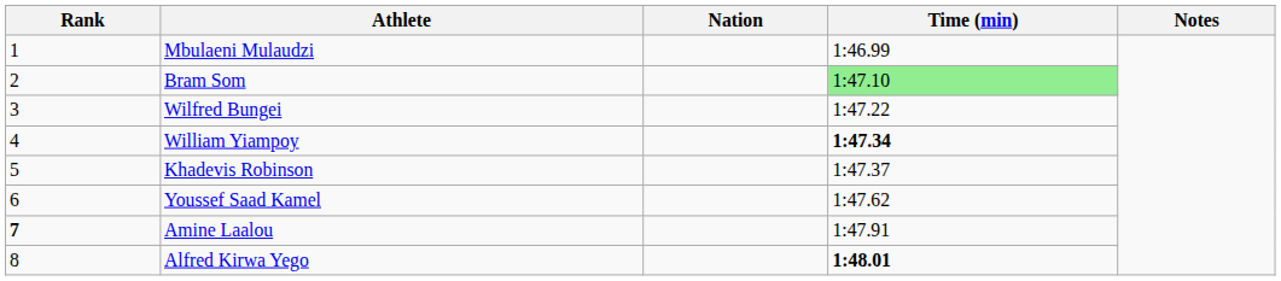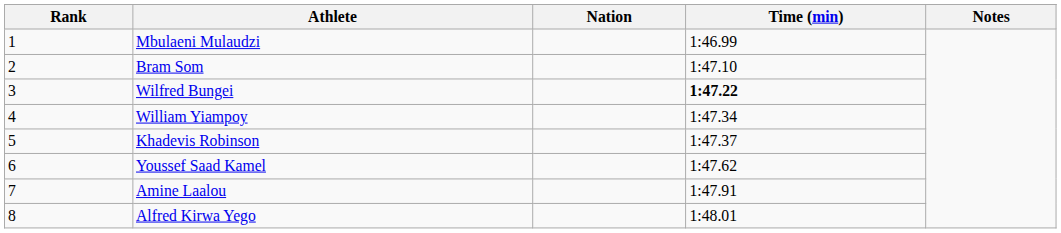 <table class="wikitable" width=85%>
 <tr>
 </tr>
 <tr>
 <th>Rank</th>
 <th>Athlete</th>
 <th>Nation</th>
 <th>Time (<a href='#'>min</a>)</th>
 <th>Notes</th>
 </tr>
 <tr>
 <td>1</td>
 <td><a href='#'>Mbulaeni Mulaudzi</a></td>
 <td></td>
 <td>1:46.99</td>
 </tr>
 <tr>
 <td>2</td>
 <td><a href='#'>Bram Som</a></td>
 <td></td>
-<td style="background: lightgreen;">1:47.10</td>
+<td>1:47.10</td>
 </tr>
 <tr>
 <td>3</td>
 <td><a href='#'>Wilfred Bungei</a></td>
 <td></td>
-<td>1:47.22</td>
+<td><strong>1:47.22</strong></td>
 </tr>
 <tr>
 <td>4</td>
 <td><a href='#'>William Yiampoy</a></td>
 <td></td>
-<td><strong>1:47.34</strong></td>
+<td>1:47.34</td>
 </tr>
 <tr>
 <td>5</td>
 <td><a href='#'>Khadevis Robinson</a></td>
 <td></td>
 <td>1:47.37</td>
 </tr>
 <tr>
 <td>6</td>
 <td><a href='#'>Youssef Saad Kamel</a></td>
 <td></td>
 <td>1:47.62</td>
 </tr>
 <tr>
-<td><strong>7</strong></td>
+<td>7</td>
 <td><a href='#'>Amine Laalou</a></td>
 <td></td>
 <td>1:47.91</td>
 </tr>
 <tr>
 <td>8</td>
 <td><a href='#'>Alfred Kirwa Yego</a></td>
 <td></td>
-<td><strong>1:48.01</strong></td>
+<td>1:48.01</td>
 </tr>
 </table>
